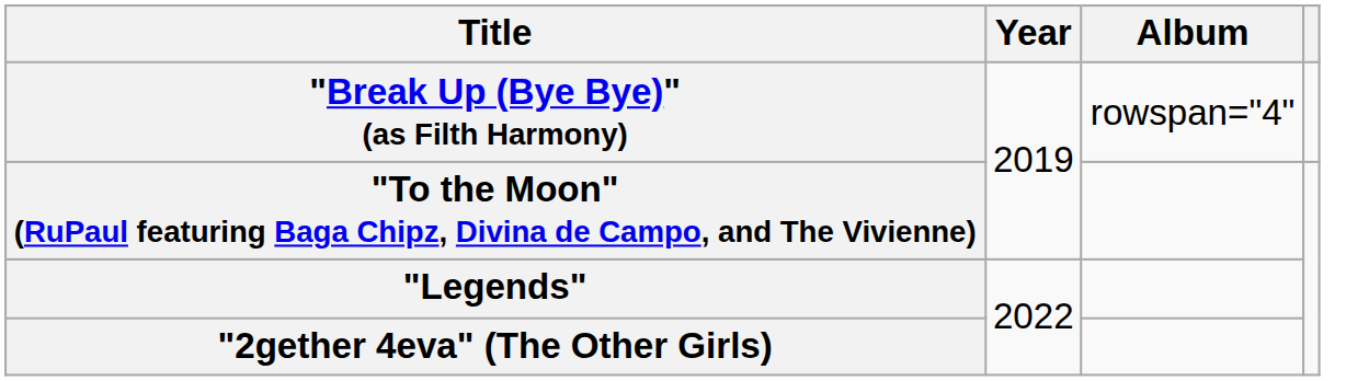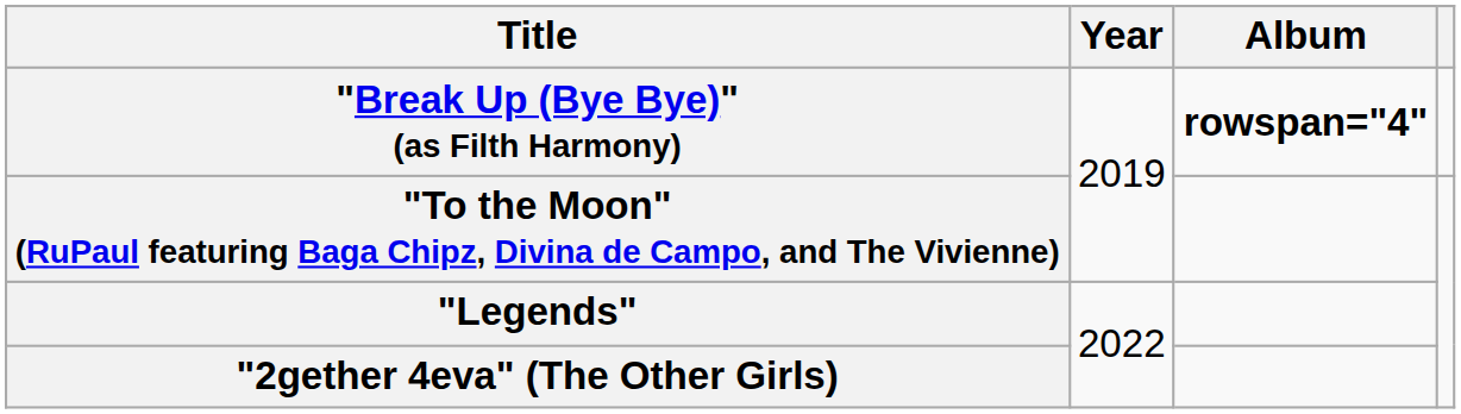 <table class="wikitable plainrowheaders" style="text-align:center;">
 <tr>
 <th>Title</th>
 <th>Year</th>
 <th>Album</th>
 <th></th>
 </tr>
 <tr>
 <th scope="row">"<a href='#'>Break Up (Bye Bye)</a>"<br><small>(as Filth Harmony)</small></th>
 <td rowspan="2">2019</td>
-<td>rowspan="4" </td>
+<td><strong>rowspan="4" </strong></td>
 <td></td>
 </tr>
 <tr>
 <th scope="row">"To the Moon"<br><small>(<a href='#'>RuPaul</a> featuring <a href='#'>Baga Chipz</a>, <a href='#'>Divina de Campo</a>, and The Vivienne)</small></th>
 <td></td>
 </tr>
 <tr>
 <th scope="row">"Legends"<br></th>
 <td rowspan="2">2022</td>
 <td></td>
 </tr>
 <tr>
 <th scope="row">"2gether 4eva" (The Other Girls)<br></th>
 <td></td>
 </tr>
 </table>
